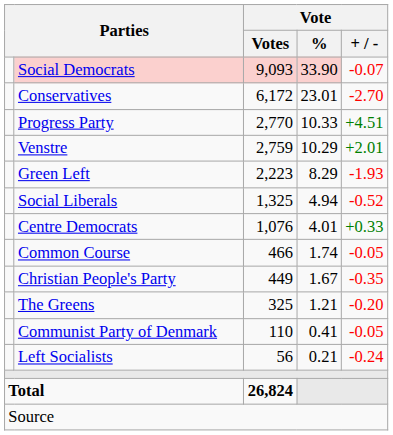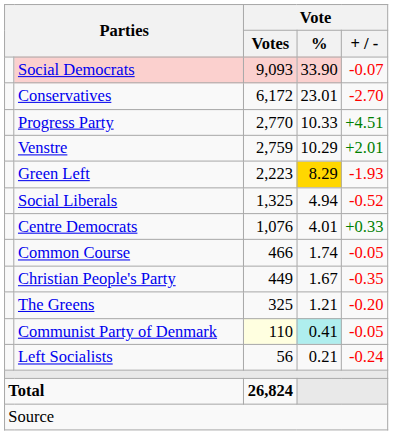 <table class="wikitable" style="text-align:right;">
 <tr>
 <th style="text-align:centre;" rowspan="2" colspan="2" width="225">Parties</th>
 <th colspan="3">Vote</th>
 </tr>
 <tr>
 <th width="15">Votes</th>
 <th width="15">%</th>
 <th width="15">+ / -</th>
 </tr>
 <tr>
 <td width="2" style="color:inherit;background:"></td>
 <td bgcolor=#fbd0ce  align="left"><a href='#'>Social Democrats</a></td>
 <td bgcolor=#fbd0ce>9,093</td>
 <td bgcolor=#fbd0ce>33.90</td>
 <td style=color:red;>-0.07</td>
 </tr>
 <tr>
 <td width="2" style="color:inherit;background:"></td>
 <td align="left"><a href='#'>Conservatives</a></td>
 <td>6,172</td>
 <td>23.01</td>
 <td style=color:red;>-2.70</td>
 </tr>
 <tr>
 <td width="2" style="color:inherit;background:"></td>
 <td align="left"><a href='#'>Progress Party</a></td>
 <td>2,770</td>
 <td>10.33</td>
 <td style=color:green;>+4.51</td>
 </tr>
 <tr>
 <td width="2" style="color:inherit;background:"></td>
 <td align="left"><a href='#'>Venstre</a></td>
 <td>2,759</td>
 <td>10.29</td>
 <td style=color:green;>+2.01</td>
 </tr>
 <tr>
 <td width="2" style="color:inherit;background:"></td>
 <td align="left"><a href='#'>Green Left</a></td>
 <td>2,223</td>
-<td>8.29</td>
+<td style="background: gold;">8.29</td>
 <td style=color:red;>-1.93</td>
 </tr>
 <tr>
 <td width="2" style="color:inherit;background:"></td>
 <td align="left"><a href='#'>Social Liberals</a></td>
 <td>1,325</td>
 <td>4.94</td>
 <td style=color:red;>-0.52</td>
 </tr>
 <tr>
 <td width="2" style="color:inherit;background:"></td>
 <td align="left"><a href='#'>Centre Democrats</a></td>
 <td>1,076</td>
 <td>4.01</td>
 <td style=color:green;>+0.33</td>
 </tr>
 <tr>
 <td width="2" style="color:inherit;background:"></td>
 <td align="left"><a href='#'>Common Course</a></td>
 <td>466</td>
 <td>1.74</td>
 <td style=color:red;>-0.05</td>
 </tr>
 <tr>
 <td width="2" style="color:inherit;background:"></td>
 <td align="left"><a href='#'>Christian People's Party</a></td>
 <td>449</td>
 <td>1.67</td>
 <td style=color:red;>-0.35</td>
 </tr>
 <tr>
 <td width="2" style="color:inherit;background:"></td>
 <td align="left"><a href='#'>The Greens</a></td>
 <td>325</td>
 <td>1.21</td>
 <td style=color:red;>-0.20</td>
 </tr>
 <tr>
 <td width="2" style="color:inherit;background:"></td>
 <td align="left"><a href='#'>Communist Party of Denmark</a></td>
-<td>110</td>
-<td>0.41</td>
+<td style="background: lightyellow;">110</td>
+<td style="background: paleturquoise;">0.41</td>
 <td style=color:red;>-0.05</td>
 </tr>
 <tr>
 <td width="2" style="color:inherit;background:"></td>
 <td align="left"><a href='#'>Left Socialists</a></td>
 <td>56</td>
 <td>0.21</td>
 <td style=color:red;>-0.24</td>
 </tr>
 <tr>
 <td colspan="7" bgcolor="#E9E9E9"></td>
 </tr>
 <tr>
 <td align="left" colspan="2"><strong>Total</strong></td>
 <td><strong>26,824</strong></td>
 <td bgcolor="#E9E9E9" colspan="2"></td>
 </tr>
 <tr>
 <td align="left" colspan="6">Source</td>
 </tr>
 </table>
